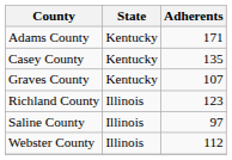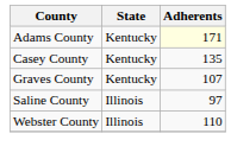 <table class="wikitable sortable" ||  align="right">
 <tr>
 <th data-sort-type="text">County</th>
 <th data-sort-type="text">State</th>
 <th data-sort-type="number">Adherents</th>
 </tr>
 <tr>
 <td>Adams County</td>
 <td>Kentucky</td>
-<td align="right">171</td>
+<td align="right" style="background: lightyellow;">171</td>
 </tr>
 <tr>
 <td>Casey County</td>
 <td>Kentucky</td>
 <td align="right">135</td>
 </tr>
 <tr>
 <td>Graves County</td>
 <td>Kentucky</td>
 <td align="right">107</td>
 </tr>
 <tr>
-<td>Richland County</td>
-<td>Illinois</td>
-<td align="right">123</td>
-</tr>
-<tr>
 <td>Saline County</td>
 <td>Illinois</td>
 <td align="right">97</td>
 </tr>
 <tr>
 <td>Webster County</td>
 <td>Illinois</td>
-<td align="right">112</td>
+<td align="right">110</td>
 </tr>
 <tr>
 </tr>
 </table>
